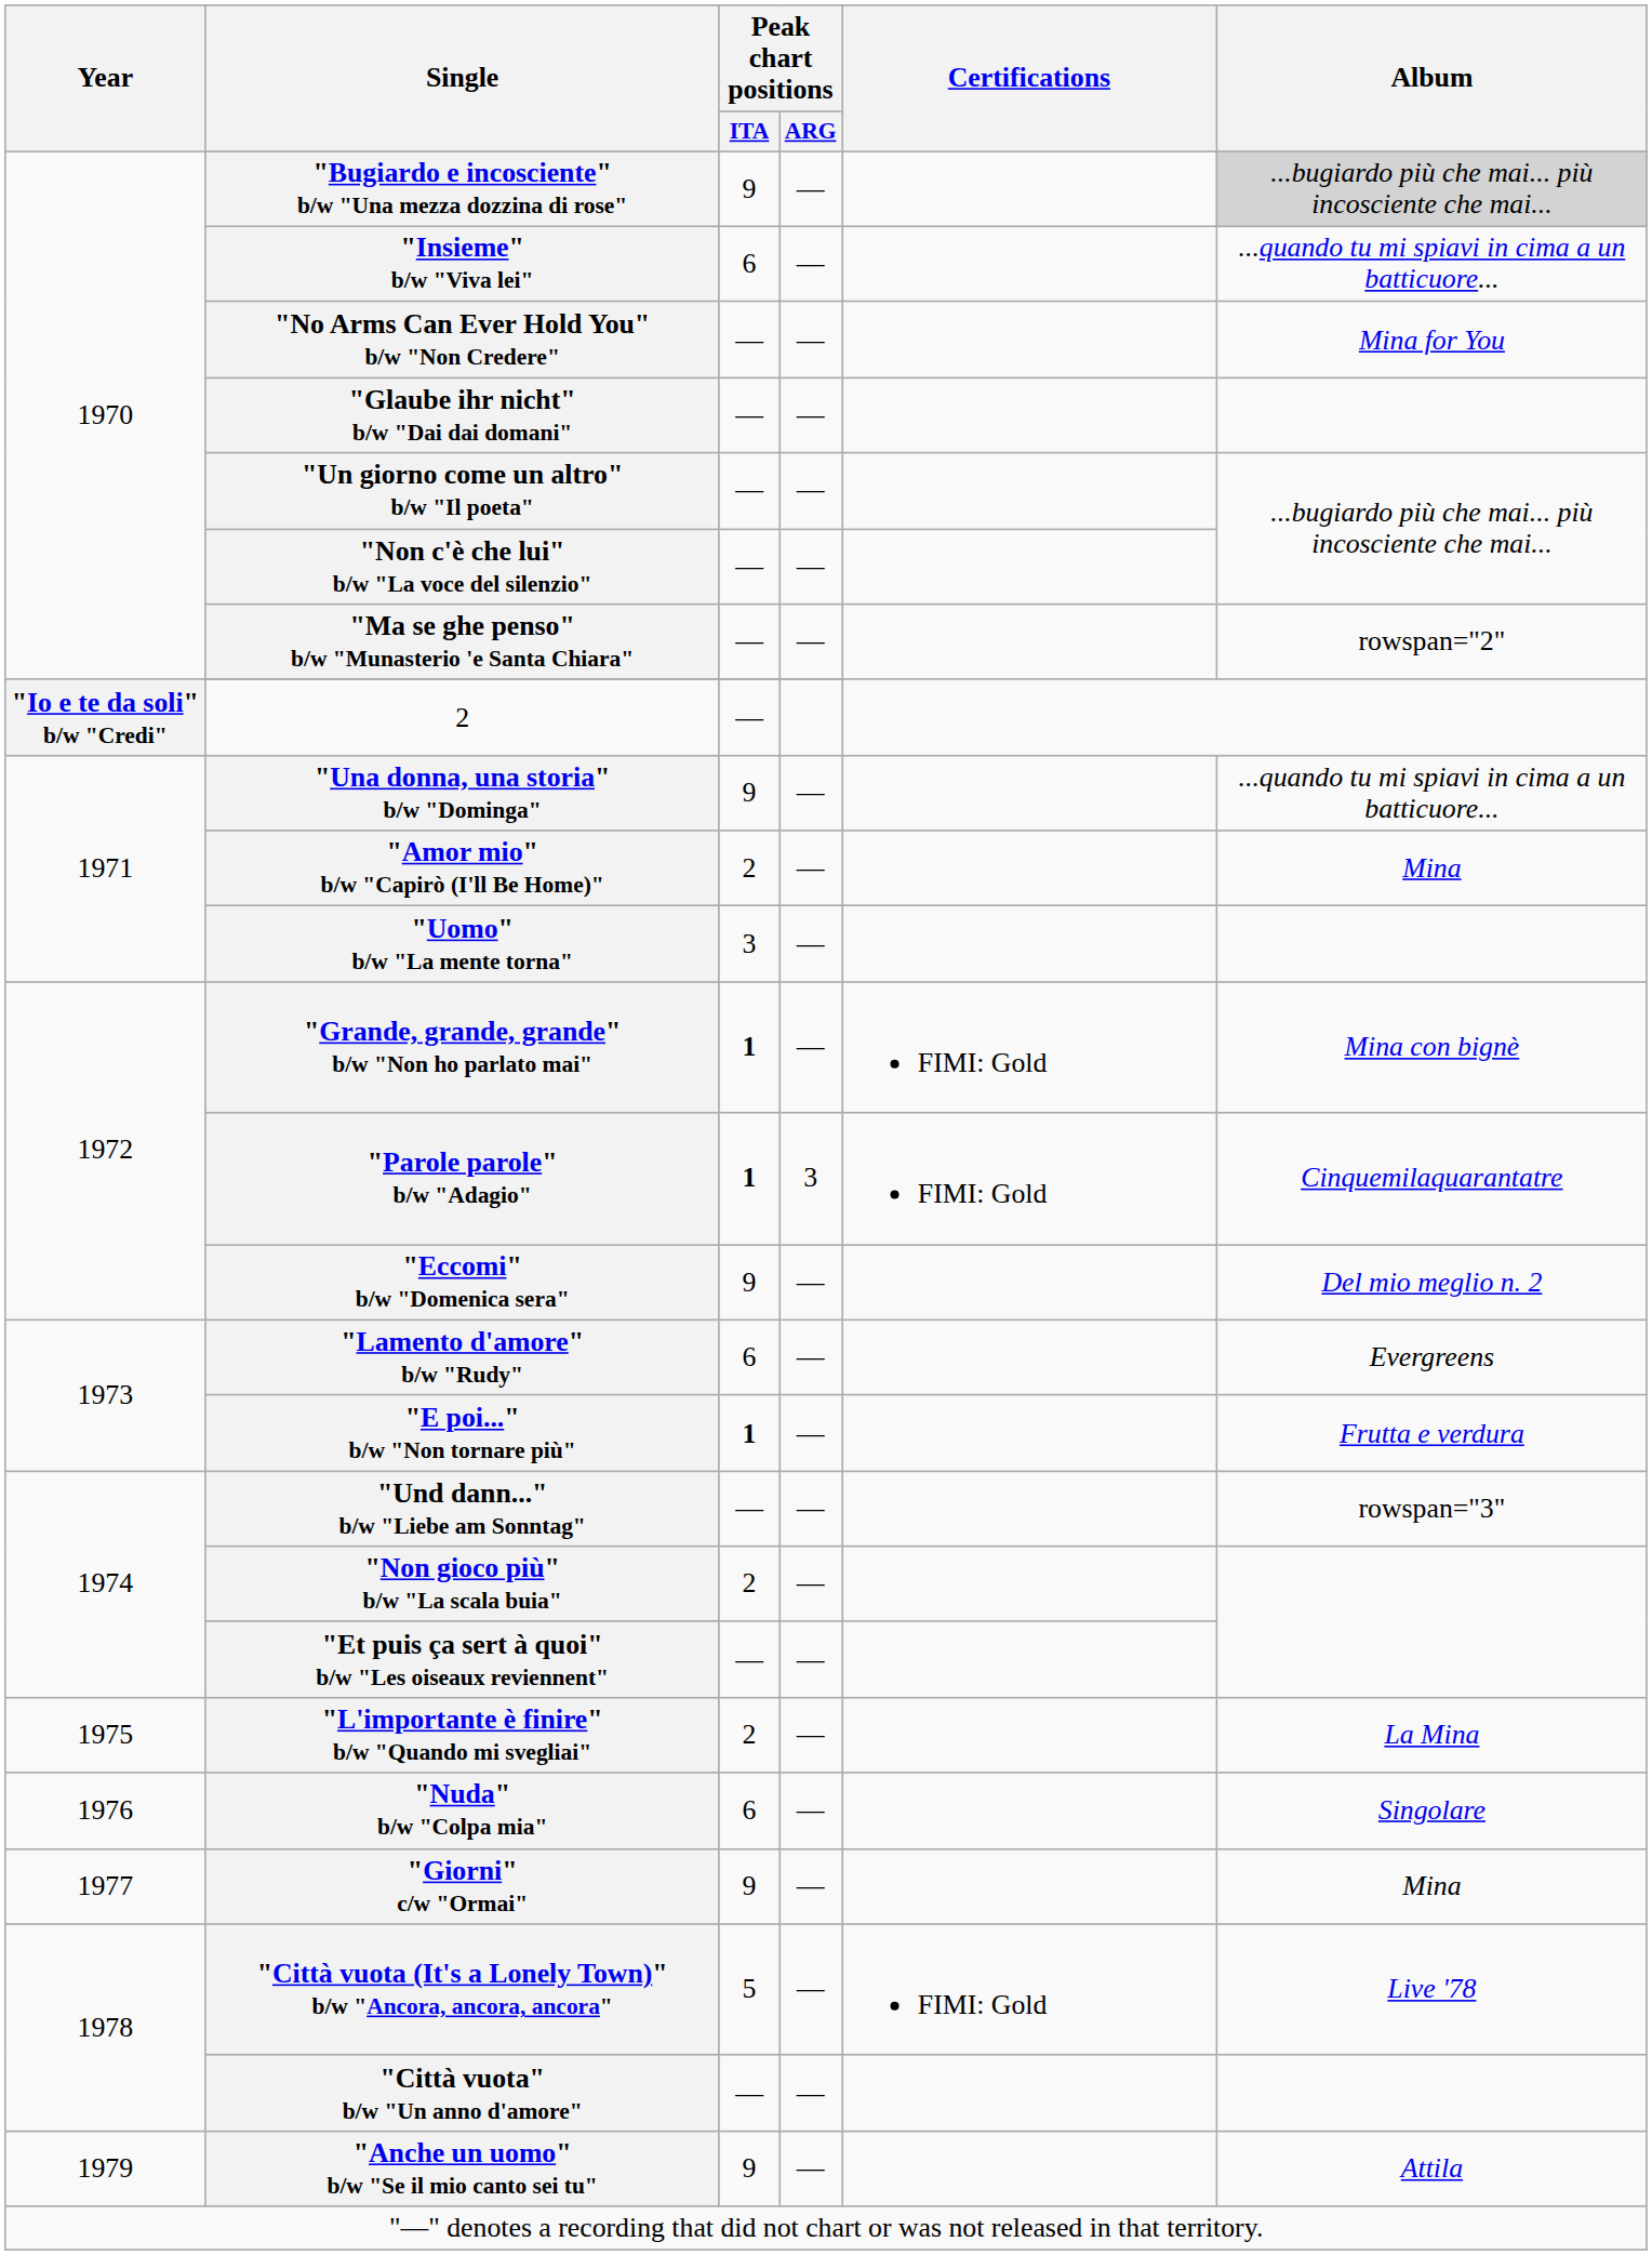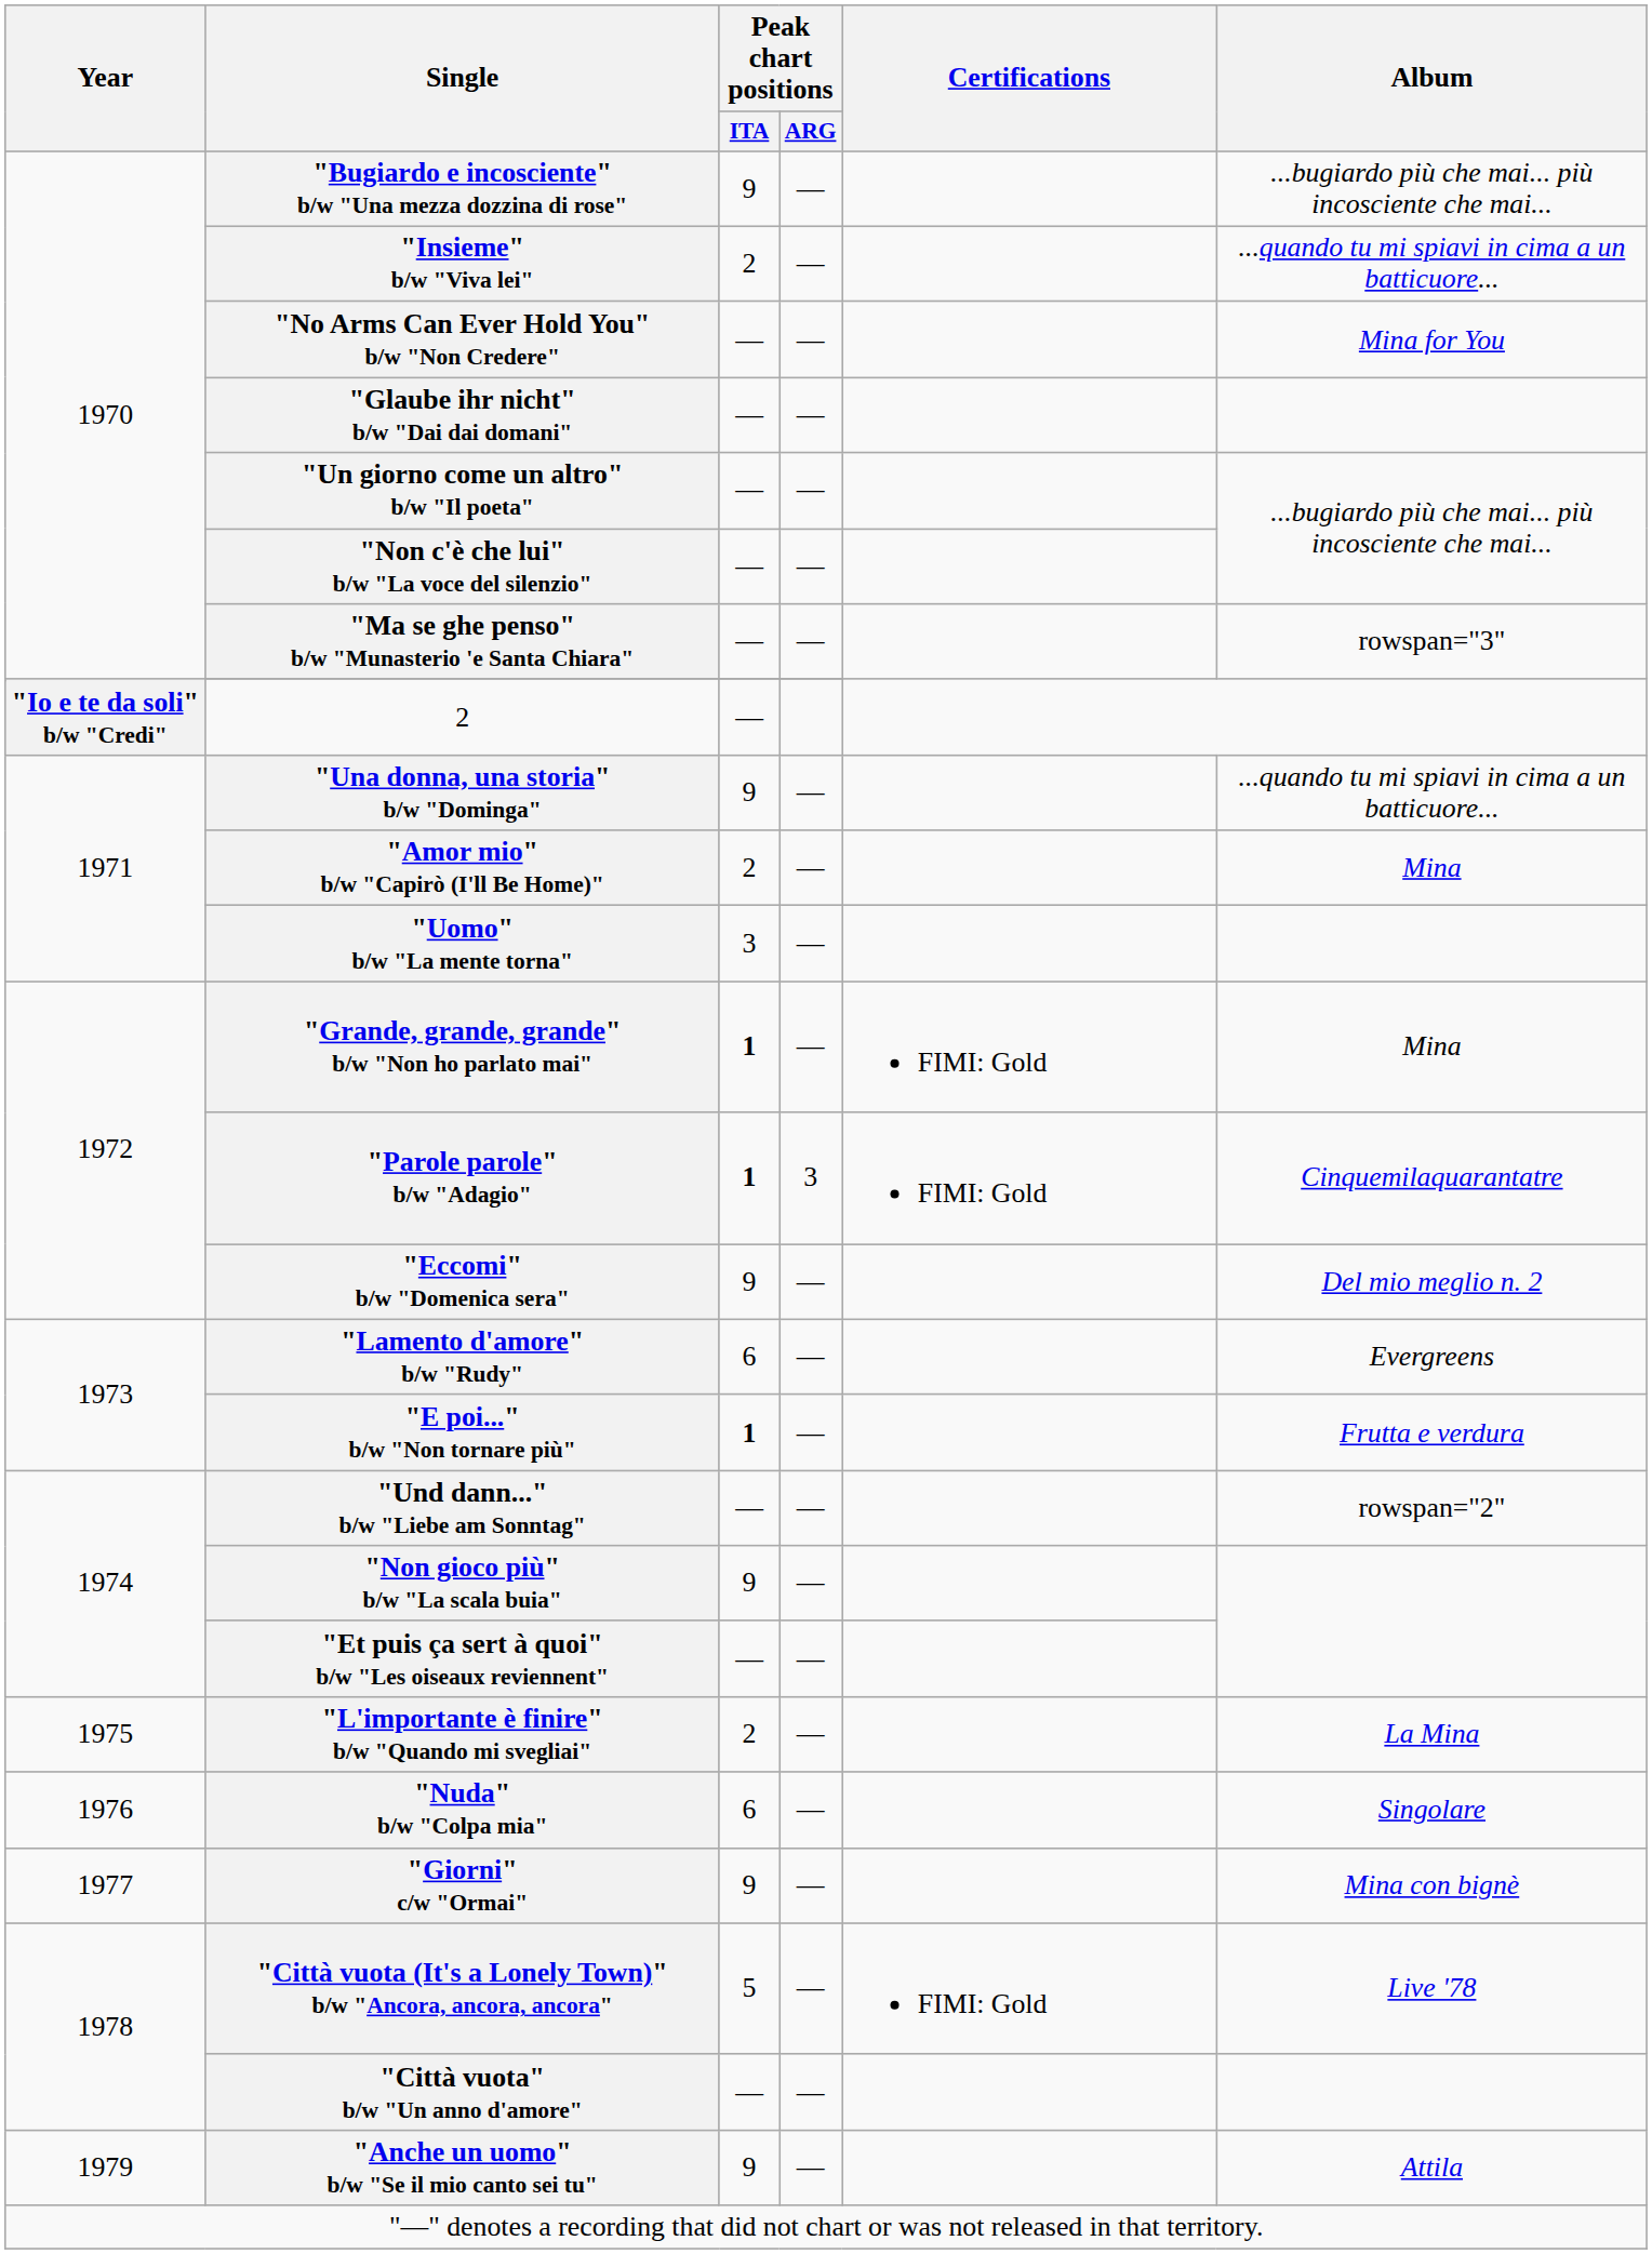 <table class="wikitable plainrowheaders" style="text-align: center;">
 <tr>
 <th rowspan="2">Year</th>
 <th rowspan="2" style="width:18em;">Single</th>
 <th colspan="2">Peak chart positions</th>
 <th rowspan="2" style="width:13em;"><a href='#'>Certifications</a></th>
 <th rowspan="2" style="width:15em;">Album</th>
 </tr>
 <tr style="font-size:smaller;">
 <th style="width:28px;"><a href='#'>ITA</a><br></th>
 <th style="width:28px;"><a href='#'>ARG</a><br></th>
 </tr>
 <tr>
 <td rowspan="8">1970</td>
 <th scope="row">"<a href='#'>Bugiardo e incosciente</a>"<br><small>b/w "Una mezza dozzina di rose"</small></th>
 <td>9</td>
 <td>—</td>
 <td align="left"></td>
-<td style="background: lightgrey;"><em>...bugiardo più che mai... più incosciente che mai...</em></td>
+<td><em>...bugiardo più che mai... più incosciente che mai...</em></td>
 </tr>
 <tr>
 <th scope="row">"<a href='#'>Insieme</a>"<br><small>b/w "Viva lei"</small></th>
-<td>6</td>
+<td>2</td>
 <td>—</td>
 <td align="left"></td>
 <td><em>...<a href='#'>quando tu mi spiavi in cima a un batticuore</a>...</em></td>
 </tr>
 <tr>
 <th scope="row">"No Arms Can Ever Hold You"<br><small>b/w "Non Credere"</small></th>
 <td>—</td>
 <td>—</td>
 <td align="left"></td>
 <td><em><a href='#'>Mina for You</a></em></td>
 </tr>
 <tr>
 <th scope="row">"Glaube ihr nicht"<br><small>b/w "Dai dai domani"</small></th>
 <td>—</td>
 <td>—</td>
 <td align="left"></td>
 <td></td>
 </tr>
 <tr>
 <th scope="row">"Un giorno come un altro"<br><small>b/w "Il poeta"</small></th>
 <td>—</td>
 <td>—</td>
 <td align="left"></td>
 <td rowspan="2"><em>...bugiardo più che mai... più incosciente che mai...</em></td>
 </tr>
 <tr>
 <th scope="row">"Non c'è che lui"<br><small>b/w "La voce del silenzio"</small></th>
 <td>—</td>
 <td>—</td>
 <td align="left"></td>
 </tr>
 <tr>
 <th scope="row">"Ma se ghe penso"<br><small>b/w "Munasterio 'e Santa Chiara"</small></th>
 <td>—</td>
 <td>—</td>
 <td align="left"></td>
-<td>rowspan="2" </td>
+<td>rowspan="3" </td>
 </tr>
 <tr>
 </tr>
 <tr>
 <th scope="row">"<a href='#'>Io e te da soli</a>"<br><small>b/w "Credi"</small></th>
 <td>2</td>
 <td>—</td>
 <td align="left"></td>
 </tr>
 <tr>
 <td rowspan="3">1971</td>
 <th scope="row">"<a href='#'>Una donna, una storia</a>"<br><small>b/w "Dominga"</small></th>
 <td>9</td>
 <td>—</td>
 <td align="left"></td>
 <td><em>...quando tu mi spiavi in cima a un batticuore...</em></td>
 </tr>
 <tr>
 <th scope="row">"<a href='#'>Amor mio</a>"<br><small>b/w "Capirò (I'll Be Home)"</small></th>
 <td>2</td>
 <td>—</td>
 <td align="left"></td>
 <td><em><a href='#'>Mina</a></em></td>
 </tr>
 <tr>
 <th scope="row">"<a href='#'>Uomo</a>"<br><small>b/w "La mente torna"</small></th>
 <td>3</td>
 <td>—</td>
 <td align="left"></td>
 <td></td>
 </tr>
 <tr>
 <td rowspan="3">1972</td>
 <th scope="row">"<a href='#'>Grande, grande, grande</a>"<br><small>b/w "Non ho parlato mai"</small></th>
 <td><strong>1</strong></td>
 <td>—</td>
 <td align="left"><br><ul><li>FIMI: Gold</li></ul></td>
-<td><em><a href='#'>Mina con bignè</a></em></td>
+<td><em>Mina</em></td>
 </tr>
 <tr>
 <th scope="row">"<a href='#'>Parole parole</a>"<br><small>b/w "Adagio"</small></th>
 <td><strong>1</strong></td>
 <td>3</td>
 <td align="left"><br><ul><li>FIMI: Gold</li></ul></td>
 <td><em><a href='#'>Cinquemilaquarantatre</a></em></td>
 </tr>
 <tr>
 <th scope="row">"<a href='#'>Eccomi</a>"<br><small>b/w "Domenica sera"</small></th>
 <td>9</td>
 <td>—</td>
 <td align="left"></td>
 <td><em><a href='#'>Del mio meglio n. 2</a></em></td>
 </tr>
 <tr>
 <td rowspan="2">1973</td>
 <th scope="row">"<a href='#'>Lamento d'amore</a>"<br><small>b/w "Rudy"</small></th>
 <td>6</td>
 <td>—</td>
 <td align="left"></td>
 <td><em>Evergreens</em></td>
 </tr>
 <tr>
 <th scope="row">"<a href='#'>E poi...</a>"<br><small>b/w "Non tornare più"</small></th>
 <td><strong>1</strong></td>
 <td>—</td>
 <td align="left"></td>
 <td><em><a href='#'>Frutta e verdura</a></em></td>
 </tr>
 <tr>
 <td rowspan="3">1974</td>
 <th scope="row">"Und dann..."<br><small>b/w "Liebe am Sonntag"</small></th>
 <td>—</td>
 <td>—</td>
 <td align="left"></td>
-<td>rowspan="3" </td>
+<td>rowspan="2" </td>
 </tr>
 <tr>
 <th scope="row">"<a href='#'>Non gioco più</a>"<br><small>b/w "La scala buia"</small></th>
-<td>2</td>
+<td>9</td>
 <td>—</td>
 <td align="left"></td>
 </tr>
 <tr>
 <th scope="row">"Et puis ça sert à quoi"<br><small>b/w "Les oiseaux reviennent"</small></th>
 <td>—</td>
 <td>—</td>
 <td align="left"></td>
 </tr>
 <tr>
 <td>1975</td>
 <th scope="row">"<a href='#'>L'importante è finire</a>"<br><small>b/w "Quando mi svegliai"</small></th>
 <td>2</td>
 <td>—</td>
 <td align="left"></td>
 <td><em><a href='#'>La Mina</a></em></td>
 </tr>
 <tr>
 <td>1976</td>
 <th scope="row">"<a href='#'>Nuda</a>"<br><small>b/w "Colpa mia"</small></th>
 <td>6</td>
 <td>—</td>
 <td align="left"></td>
 <td><em><a href='#'>Singolare</a></em></td>
 </tr>
 <tr>
 <td>1977</td>
 <th scope="row">"<a href='#'>Giorni</a>"<br><small>c/w "Ormai"</small></th>
 <td>9</td>
 <td>—</td>
 <td align="left"></td>
-<td><em>Mina</em></td>
+<td><em><a href='#'>Mina con bignè</a></em></td>
 </tr>
 <tr>
 <td rowspan="2">1978</td>
 <th scope="row">"<a href='#'>Città vuota (It's a Lonely Town)</a>"<br><small>b/w "<a href='#'>Ancora, ancora, ancora</a>"</small></th>
 <td>5</td>
 <td>—</td>
 <td align="left"><br><ul><li>FIMI: Gold</li></ul></td>
 <td><em><a href='#'>Live '78</a></em></td>
 </tr>
 <tr>
 <th scope="row">"Città vuota"<br><small>b/w "Un anno d'amore"</small></th>
 <td>—</td>
 <td>—</td>
 <td align="left"></td>
 <td></td>
 </tr>
 <tr>
 <td>1979</td>
 <th scope="row">"<a href='#'>Anche un uomo</a>"<br><small>b/w "Se il mio canto sei tu"</small></th>
 <td>9</td>
 <td>—</td>
 <td align="left"></td>
 <td><em><a href='#'>Attila</a></em></td>
 </tr>
 <tr>
 <td colspan="6" style="text-align:center;" style="font-size:90%">"—" denotes a recording that did not chart or was not released in that territory.</td>
 </tr>
 </table>
